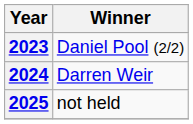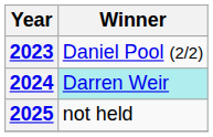 <table class="wikitable">
 <tr>
 <th>Year</th>
 <th>Winner</th>
 </tr>
 <tr>
 <th><a href='#'>2023</a></th>
 <td> <a href='#'>Daniel Pool</a> <small>(2/2)</small></td>
 </tr>
 <tr>
 <th><a href='#'>2024</a></th>
-<td> <a href='#'>Darren Weir</a></td>
+<td style="background: paleturquoise;"> <a href='#'>Darren Weir</a></td>
 </tr>
 <tr>
 <th><a href='#'>2025</a></th>
 <td>not held</td>
 </tr>
 <tr>
 </tr>
 </table>
